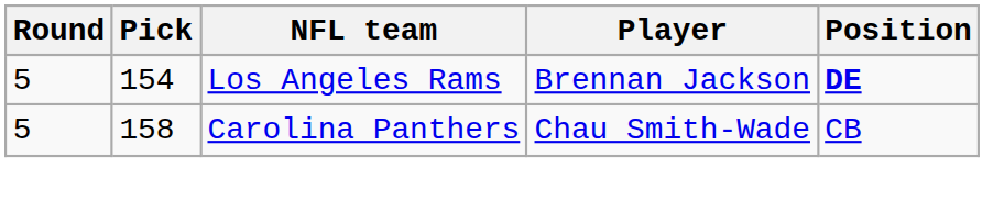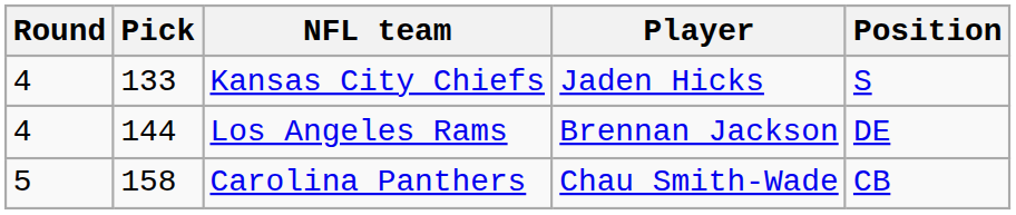 <table class="wikitable">
 <tr>
 <th style="text-align:center; ">Round</th>
 <th style="text-align:center; ">Pick</th>
 <th style="text-align:center; ">NFL team</th>
 <th style="text-align:center; ">Player</th>
 <th style="text-align:center; ">Position</th>
 </tr>
 <tr>
-<td>5</td>
-<td>154</td>
+<td>4</td>
+<td>133</td>
+<td><a href='#'>Kansas City Chiefs</a></td>
+<td><a href='#'>Jaden Hicks</a></td>
+<td><a href='#'>S</a></td>
+</tr>
+<tr>
+<td>4</td>
+<td>144</td>
 <td><a href='#'>Los Angeles Rams</a></td>
 <td><a href='#'>Brennan Jackson</a></td>
-<td><strong><a href='#'>DE</a></strong></td>
+<td><a href='#'>DE</a></td>
 </tr>
 <tr>
 <td>5</td>
 <td>158</td>
 <td><a href='#'>Carolina Panthers</a></td>
 <td><a href='#'>Chau Smith-Wade</a></td>
 <td><a href='#'>CB</a></td>
 </tr>
 </table>
